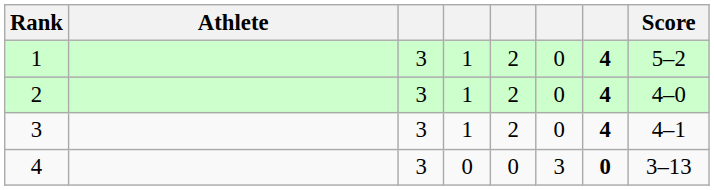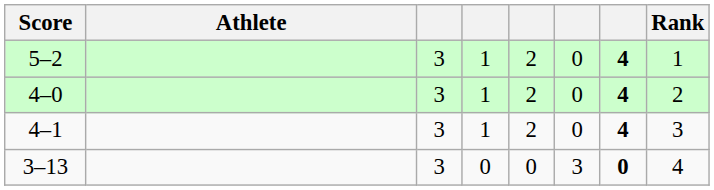 <table class="wikitable" style="text-align: center;">
 <tr>
-<th width=25>Rank</th>
+<th width=50>Score</th>
 <th width=225>Athlete</th>
 <th width=25></th>
 <th width=25></th>
 <th width=25></th>
 <th width=25></th>
 <th width=25></th>
-<th width=50>Score</th>
+<th width=25>Rank</th>
 </tr>
 <tr bgcolor=ccffcc>
-<td>1</td>
+<td>5–2</td>
 <td align=left></td>
 <td>3</td>
 <td>1</td>
 <td>2</td>
 <td>0</td>
 <td><strong>4</strong></td>
-<td>5–2</td>
+<td>1</td>
 </tr>
 <tr bgcolor=ccffcc>
-<td>2</td>
+<td>4–0</td>
 <td align=left></td>
 <td>3</td>
 <td>1</td>
 <td>2</td>
 <td>0</td>
 <td><strong>4</strong></td>
-<td>4–0</td>
+<td>2</td>
 </tr>
 <tr>
-<td>3</td>
+<td>4–1</td>
 <td align=left></td>
 <td>3</td>
 <td>1</td>
 <td>2</td>
 <td>0</td>
 <td><strong>4</strong></td>
-<td>4–1</td>
+<td>3</td>
 </tr>
 <tr>
-<td>4</td>
+<td>3–13</td>
 <td align=left></td>
 <td>3</td>
 <td>0</td>
 <td>0</td>
 <td>3</td>
 <td><strong>0</strong></td>
-<td>3–13</td>
+<td>4</td>
 </tr>
 </table>
